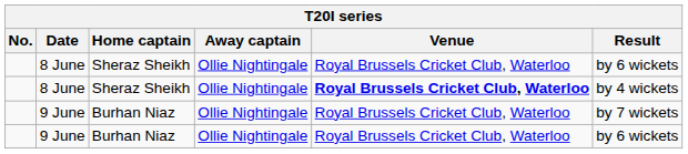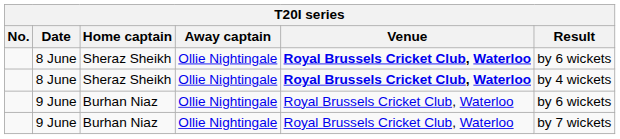 <table class="wikitable">
 <tr>
 <th colspan="9">T20I series</th>
 </tr>
 <tr>
 <th>No.</th>
 <th>Date</th>
 <th>Home captain</th>
 <th>Away captain</th>
 <th>Venue</th>
 <th>Result</th>
 </tr>
 <tr>
 <td></td>
 <td>8 June</td>
 <td>Sheraz Sheikh</td>
 <td><a href='#'>Ollie Nightingale</a></td>
-<td><a href='#'>Royal Brussels Cricket Club</a>, <a href='#'>Waterloo</a></td>
+<td><strong><a href='#'>Royal Brussels Cricket Club</a>, <a href='#'>Waterloo</a></strong></td>
 <td> by 6 wickets</td>
 </tr>
 <tr>
 <td></td>
 <td>8 June</td>
 <td>Sheraz Sheikh</td>
 <td><a href='#'>Ollie Nightingale</a></td>
 <td><strong><a href='#'>Royal Brussels Cricket Club</a>, <a href='#'>Waterloo</a></strong></td>
 <td> by 4 wickets</td>
 </tr>
 <tr>
 <td></td>
 <td>9 June</td>
 <td>Burhan Niaz</td>
 <td><a href='#'>Ollie Nightingale</a></td>
 <td><a href='#'>Royal Brussels Cricket Club</a>, <a href='#'>Waterloo</a></td>
-<td> by 7 wickets</td>
+<td> by 6 wickets</td>
 </tr>
 <tr>
 <td></td>
 <td>9 June</td>
 <td>Burhan Niaz</td>
 <td><a href='#'>Ollie Nightingale</a></td>
 <td><a href='#'>Royal Brussels Cricket Club</a>, <a href='#'>Waterloo</a></td>
-<td> by 6 wickets</td>
+<td> by 7 wickets</td>
 </tr>
 </table>
